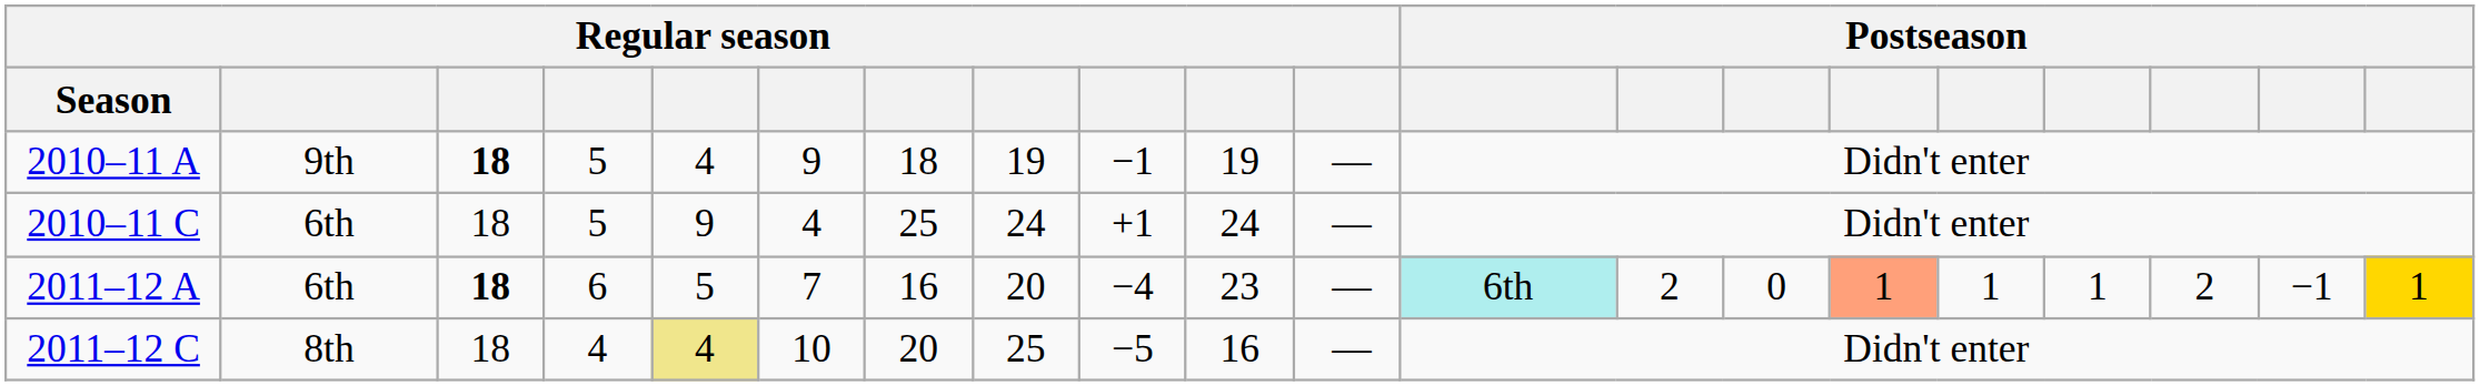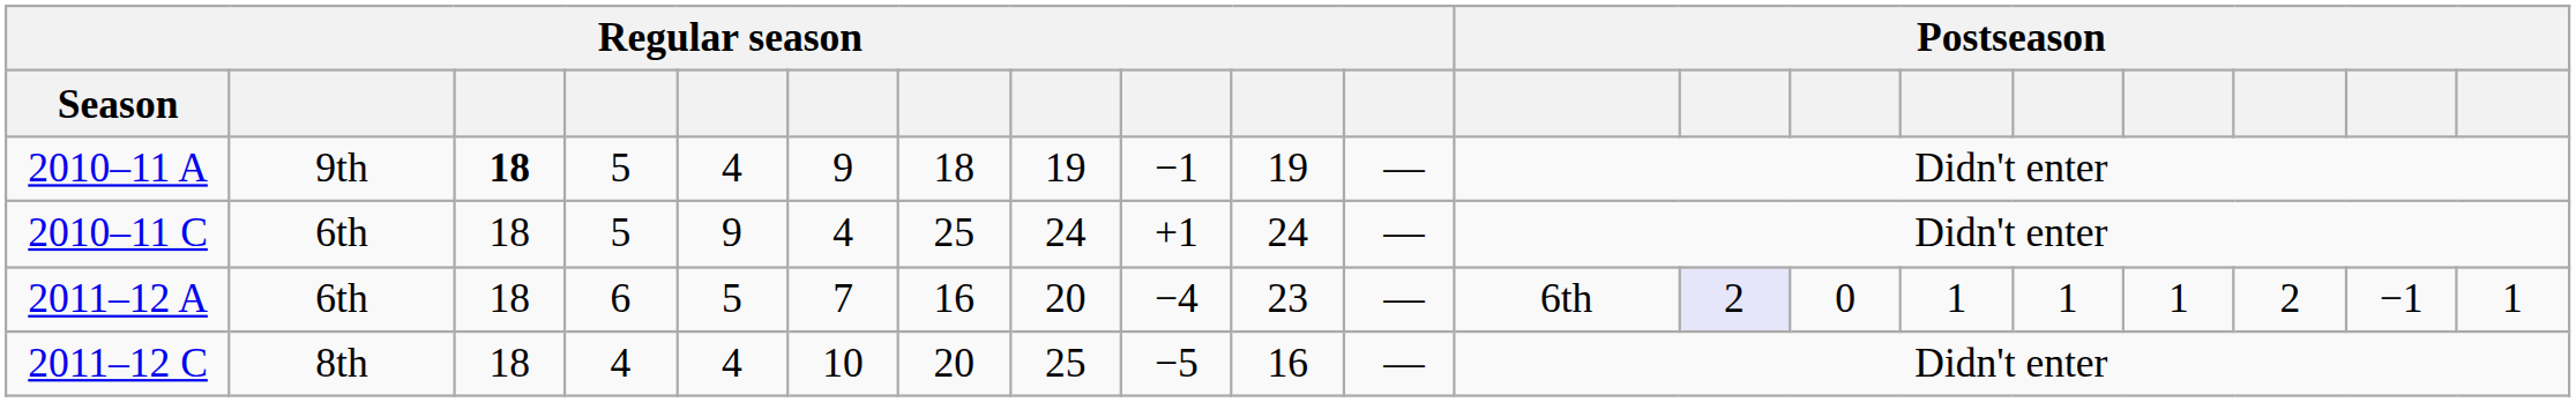 <table class="wikitable">
 <tr>
 <th colspan="11">Regular season</th>
 <th colspan="9">Postseason</th>
 </tr>
 <tr>
 <th width="80">Season</th>
 <th width="80"></th>
 <th width="36"></th>
 <th width="36"></th>
 <th width="36"></th>
 <th width="36"></th>
 <th width="36"></th>
 <th width="36"></th>
 <th width="36"></th>
 <th width="36"></th>
 <th width="36"></th>
 <th width="80"></th>
 <th width="36"></th>
 <th width="36"></th>
 <th width="36"></th>
 <th width="36"></th>
 <th width="36"></th>
 <th width="36"></th>
 <th width="36"></th>
 <th width="36"></th>
 </tr>
 <tr align="center">
 <td><a href='#'>2010–11 A</a></td>
 <td>9th</td>
 <td><strong>18</strong></td>
 <td>5</td>
 <td>4</td>
 <td>9</td>
 <td>18</td>
 <td>19</td>
 <td>−1</td>
 <td>19</td>
 <td> —</td>
 <td colspan="9">Didn't enter</td>
 </tr>
 <tr align="center">
 <td><a href='#'>2010–11 C</a></td>
 <td>6th</td>
 <td>18</td>
 <td>5</td>
 <td>9</td>
 <td>4</td>
 <td>25</td>
 <td>24</td>
 <td>+1</td>
 <td>24</td>
 <td> —</td>
 <td colspan="9">Didn't enter</td>
 </tr>
 <tr align="center">
 <td><a href='#'>2011–12 A</a></td>
 <td>6th</td>
-<td><strong>18</strong></td>
+<td>18</td>
 <td>6</td>
 <td>5</td>
 <td>7</td>
 <td>16</td>
 <td>20</td>
 <td>−4</td>
 <td>23</td>
 <td> —</td>
-<td style="background: paleturquoise;">6th</td>
-<td>2</td>
+<td>6th</td>
+<td style="background: lavender;">2</td>
 <td>0</td>
-<td style="background: lightsalmon;">1</td>
+<td>1</td>
 <td>1</td>
 <td>1</td>
 <td>2</td>
 <td>−1</td>
-<td style="background: gold;">1</td>
+<td>1</td>
 </tr>
 <tr align="center">
 <td><a href='#'>2011–12 C</a></td>
 <td>8th</td>
 <td>18</td>
 <td>4</td>
-<td style="background: khaki;">4</td>
+<td>4</td>
 <td>10</td>
 <td>20</td>
 <td>25</td>
 <td>−5</td>
 <td>16</td>
 <td> —</td>
 <td colspan="9">Didn't enter</td>
 </tr>
 </table>
